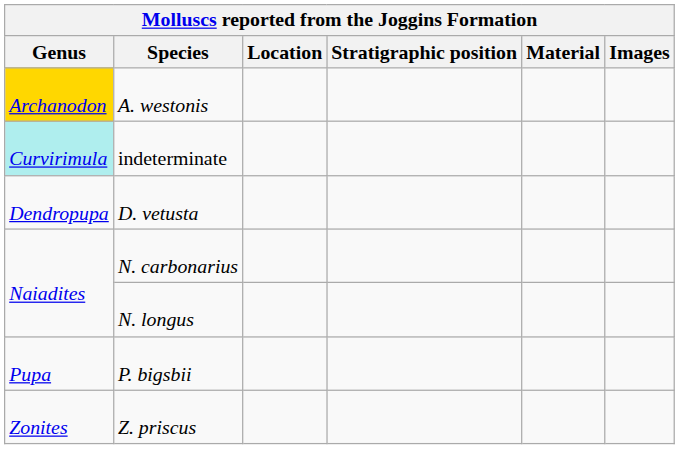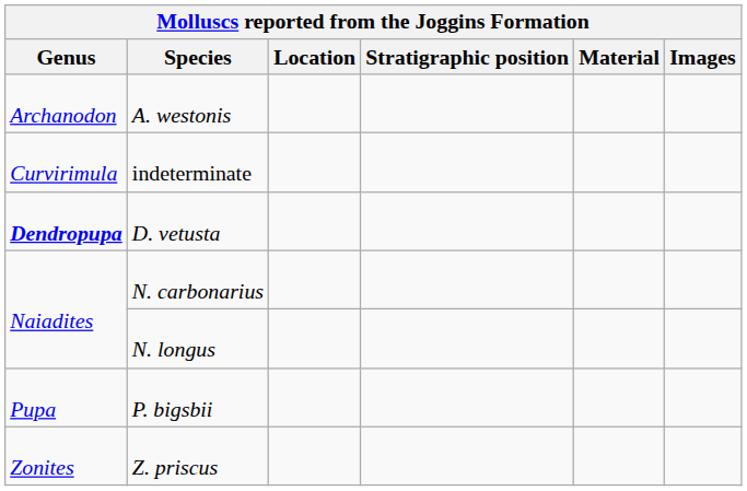 <table class="wikitable sortable mw-collapsible">
 <tr>
 <th colspan="7" style="text-align:center;"><strong><a href='#'>Molluscs</a> reported from the Joggins Formation</strong></th>
 </tr>
 <tr>
 <th>Genus</th>
 <th>Species</th>
 <th>Location</th>
 <th>Stratigraphic position</th>
 <th>Material</th>
 <th>Images</th>
 </tr>
 <tr>
-<td rowspan="1" style="background: gold;"><br><em><a href='#'>Archanodon</a></em></td>
+<td rowspan="1"><br><em><a href='#'>Archanodon</a></em></td>
 <td><br><em>A. westonis</em></td>
 <td></td>
 <td></td>
 <td></td>
 <td></td>
 </tr>
 <tr>
-<td rowspan="1" style="background: paleturquoise;"><br><em><a href='#'>Curvirimula</a></em></td>
+<td rowspan="1"><br><em><a href='#'>Curvirimula</a></em></td>
 <td><br>indeterminate</td>
 <td></td>
 <td></td>
 <td></td>
 <td></td>
 </tr>
 <tr>
-<td rowspan="1"><br><em><a href='#'>Dendropupa</a></em></td>
+<td rowspan="1"><strong><br><em><a href='#'>Dendropupa</a></em></strong></td>
 <td><br><em>D. vetusta</em></td>
 <td></td>
 <td></td>
 <td></td>
 <td></td>
 </tr>
 <tr>
 <td rowspan="2"><br><em><a href='#'>Naiadites</a></em></td>
 <td><br><em>N. carbonarius</em></td>
 <td></td>
 <td></td>
 <td></td>
 <td></td>
 </tr>
 <tr>
 <td><br><em>N. longus</em></td>
 <td></td>
 <td></td>
 <td></td>
 <td></td>
 </tr>
 <tr>
 <td rowspan="1"><br><em><a href='#'>Pupa</a></em></td>
 <td><br><em>P. bigsbii</em></td>
 <td></td>
 <td></td>
 <td></td>
 <td></td>
 </tr>
 <tr>
 <td rowspan="1"><br><em><a href='#'>Zonites</a></em></td>
 <td><br><em>Z. priscus</em></td>
 <td></td>
 <td></td>
 <td></td>
 <td></td>
 </tr>
 </table>
